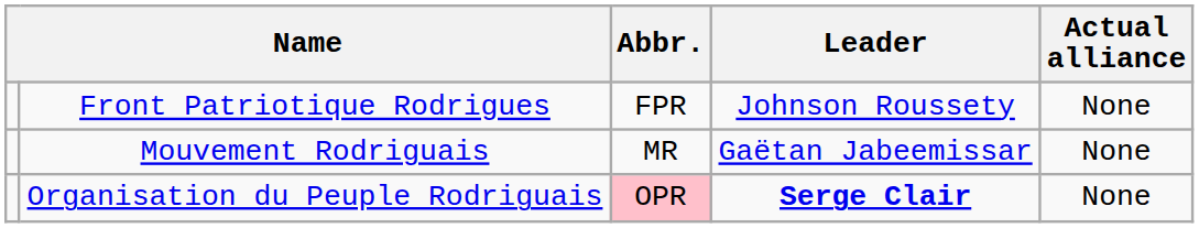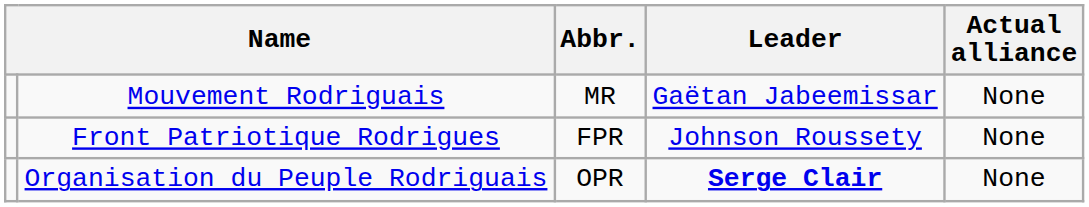 <table class="wikitable" style="font-size:85%;text-align:center">
 <tr>
 <th colspan=2>Name</th>
 <th>Abbr.</th>
 <th>Leader</th>
 <th>Actual<br>alliance</th>
+</tr>
+<tr>
+<td style="background: "></td>
+<td><a href='#'>Mouvement Rodriguais</a></td>
+<td>MR</td>
+<td><a href='#'>Gaëtan Jabeemissar</a></td>
+<td>None</td>
 </tr>
 <tr>
 <td style="background: "></td>
 <td><a href='#'>Front Patriotique Rodrigues</a></td>
 <td>FPR</td>
 <td><a href='#'>Johnson Roussety</a></td>
 <td>None</td>
 </tr>
 <tr>
 <td style="background: "></td>
-<td><a href='#'>Mouvement Rodriguais</a></td>
-<td>MR</td>
-<td><a href='#'>Gaëtan Jabeemissar</a></td>
-<td>None</td>
-</tr>
-<tr>
-<td style="background: "></td>
 <td><a href='#'>Organisation du Peuple Rodriguais</a></td>
-<td style="background: pink;">OPR</td>
+<td>OPR</td>
 <td><strong><a href='#'>Serge Clair</a></strong></td>
 <td>None</td>
 </tr>
 </table>
